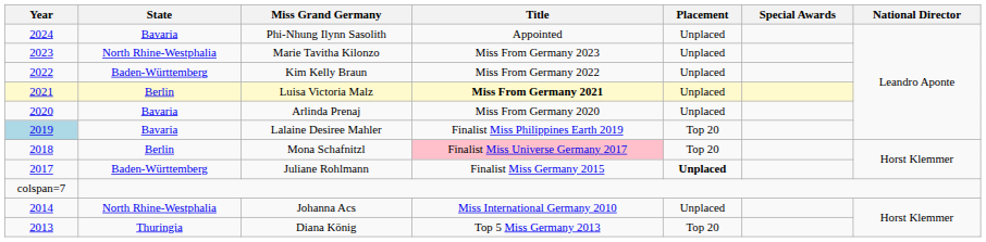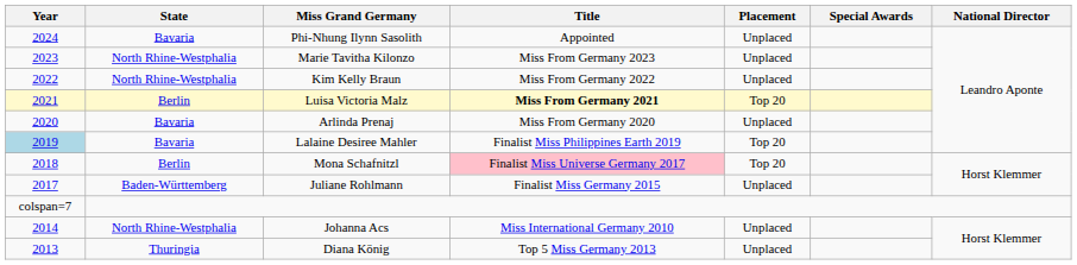 <table class="wikitable" style="font-size: 95%; text-align:center; width:100%">
 <tr>
 <th>Year</th>
 <th>State</th>
 <th>Miss Grand Germany</th>
 <th>Title</th>
 <th>Placement</th>
 <th>Special Awards</th>
 <th>National Director</th>
 </tr>
 <tr>
 <td><a href='#'>2024</a></td>
 <td><a href='#'>Bavaria</a></td>
 <td>Phi-Nhung Ilynn Sasolith</td>
 <td>Appointed</td>
 <td>Unplaced</td>
 <td></td>
 <td rowspan="6">Leandro Aponte</td>
 </tr>
 <tr>
 <td><a href='#'>2023</a></td>
 <td><a href='#'>North Rhine-Westphalia</a></td>
 <td>Marie Tavitha Kilonzo</td>
 <td>Miss From Germany 2023</td>
 <td>Unplaced</td>
 <td></td>
 </tr>
 <tr>
 <td><a href='#'>2022</a></td>
-<td><a href='#'>Baden-Württemberg</a></td>
+<td><a href='#'>North Rhine-Westphalia</a></td>
 <td>Kim Kelly Braun</td>
 <td>Miss From Germany 2022</td>
 <td>Unplaced</td>
 <td></td>
 </tr>
 <tr bgcolor=#FFFACD>
 <td><a href='#'>2021</a></td>
 <td><a href='#'>Berlin</a></td>
 <td>Luisa Victoria Malz</td>
 <td><strong>Miss From Germany 2021</strong></td>
-<td>Unplaced</td>
+<td>Top 20</td>
 <td></td>
 </tr>
 <tr>
 <td><a href='#'>2020</a></td>
 <td><a href='#'>Bavaria</a></td>
 <td>Arlinda Prenaj</td>
 <td>Miss From Germany 2020</td>
 <td>Unplaced</td>
 <td></td>
 </tr>
 <tr>
 <td style="background: lightblue;"><a href='#'>2019</a></td>
 <td><a href='#'>Bavaria</a></td>
 <td>Lalaine Desiree Mahler</td>
 <td>Finalist <a href='#'>Miss Philippines Earth 2019</a></td>
 <td>Top 20</td>
 <td></td>
 </tr>
 <tr>
 <td><a href='#'>2018</a></td>
 <td><a href='#'>Berlin</a></td>
 <td>Mona Schafnitzl</td>
 <td style="background: pink;">Finalist <a href='#'>Miss Universe Germany 2017</a></td>
 <td>Top 20</td>
 <td></td>
 <td rowspan="2">Horst Klemmer</td>
 </tr>
 <tr>
 <td><a href='#'>2017</a></td>
 <td><a href='#'>Baden-Württemberg</a></td>
 <td>Juliane Rohlmann</td>
 <td>Finalist <a href='#'>Miss Germany 2015</a></td>
-<td><strong>Unplaced</strong></td>
+<td>Unplaced</td>
 <td></td>
 </tr>
 <tr>
 <td>colspan=7</td>
 </tr>
 <tr>
 <td><a href='#'>2014</a></td>
 <td><a href='#'>North Rhine-Westphalia</a></td>
 <td>Johanna Acs</td>
 <td><a href='#'>Miss International Germany 2010</a></td>
 <td>Unplaced</td>
 <td></td>
 <td rowspan="2">Horst Klemmer</td>
 </tr>
 <tr>
 <td><a href='#'>2013</a></td>
 <td><a href='#'>Thuringia</a></td>
 <td>Diana König</td>
 <td>Top 5 <a href='#'>Miss Germany 2013</a></td>
-<td>Top 20</td>
+<td>Unplaced</td>
 <td></td>
 </tr>
 </table>
